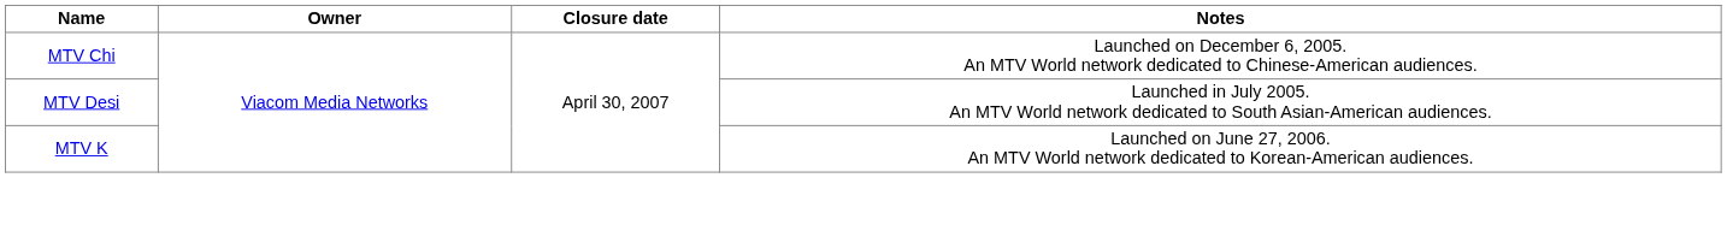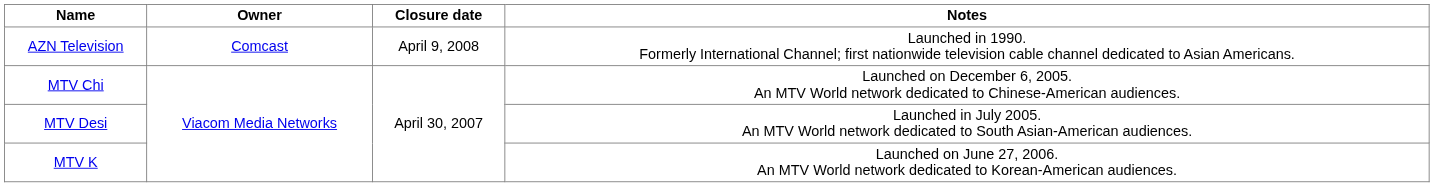 <table class="toccolours sortable" style="border-collapse: collapse; text-align: center" width="100%" border="1" cellpadding="3">
 <tr>
 <th>Name</th>
 <th>Owner</th>
 <th>Closure date</th>
 <th>Notes</th>
+</tr>
+<tr>
+<td><a href='#'>AZN Television</a></td>
+<td><a href='#'>Comcast</a></td>
+<td>April 9, 2008</td>
+<td>Launched in 1990.<br>Formerly International Channel; first nationwide television cable channel dedicated to Asian Americans.</td>
 </tr>
 <tr>
 <td><a href='#'>MTV Chi</a></td>
 <td rowspan=3><a href='#'>Viacom Media Networks</a></td>
 <td rowspan="3">April 30, 2007</td>
 <td>Launched on December 6, 2005.<br>An MTV World network dedicated to Chinese-American audiences.</td>
 </tr>
 <tr>
 <td><a href='#'>MTV Desi</a></td>
 <td>Launched in July 2005.<br>An MTV World network dedicated to South Asian-American audiences.</td>
 </tr>
 <tr>
 <td><a href='#'>MTV K</a></td>
 <td>Launched on June 27, 2006.<br>An MTV World network dedicated to Korean-American audiences.</td>
 </tr>
 </table>
